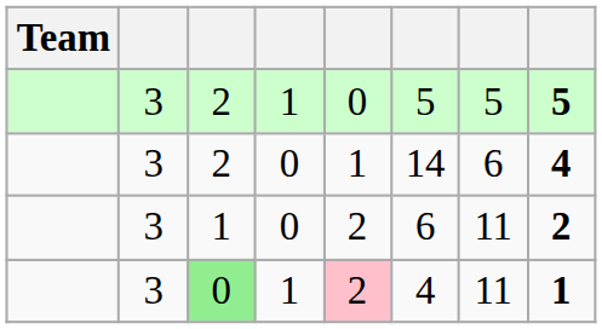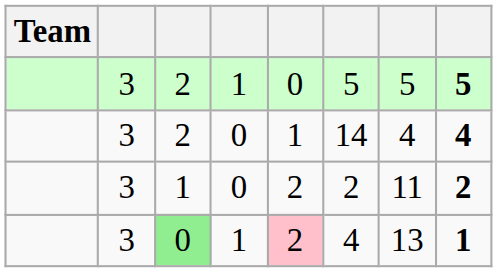 <table class="wikitable" align="right" style="text-align:center">
 <tr>
 <th>Team</th>
 <th width=20></th>
 <th width=20></th>
 <th width=20></th>
 <th width=20></th>
 <th width=20></th>
 <th width=20></th>
 <th width=20></th>
 </tr>
 <tr bgcolor="#ccffcc">
 <td align="left"></td>
 <td>3</td>
 <td>2</td>
 <td>1</td>
 <td>0</td>
 <td>5</td>
 <td>5</td>
 <td><strong>5</strong></td>
 </tr>
 <tr>
 <td align="left"></td>
 <td>3</td>
 <td>2</td>
 <td>0</td>
 <td>1</td>
 <td>14</td>
-<td>6</td>
+<td>4</td>
 <td><strong>4</strong></td>
 </tr>
 <tr>
 <td align="left"></td>
 <td>3</td>
 <td>1</td>
 <td>0</td>
 <td>2</td>
-<td>6</td>
+<td>2</td>
 <td>11</td>
 <td><strong>2</strong></td>
 </tr>
 <tr>
 <td align="left"></td>
 <td>3</td>
 <td style="background: lightgreen;">0</td>
 <td>1</td>
 <td style="background: pink;">2</td>
 <td>4</td>
-<td>11</td>
+<td>13</td>
 <td><strong>1</strong></td>
 </tr>
 </table>
